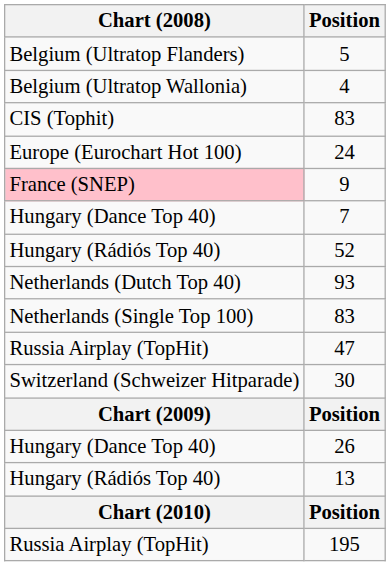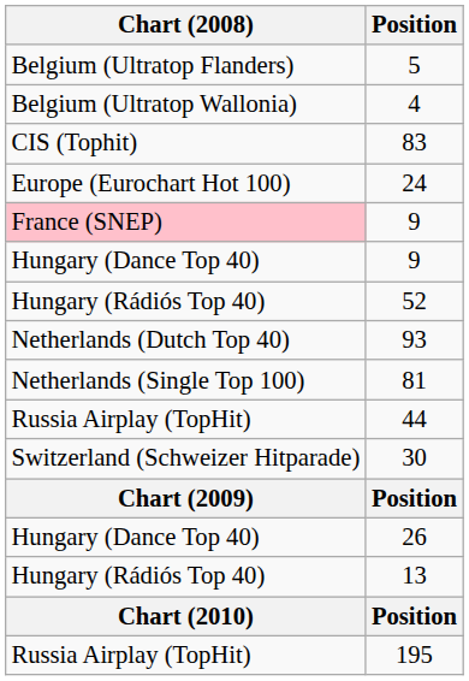 <table class="wikitable sortable">
 <tr>
 <th>Chart (2008)</th>
 <th>Position</th>
 </tr>
 <tr>
 <td>Belgium (Ultratop Flanders)</td>
 <td align="center">5</td>
 </tr>
 <tr>
 <td>Belgium (Ultratop Wallonia)</td>
 <td align="center">4</td>
 </tr>
 <tr>
 <td>CIS (Tophit)</td>
 <td align="center">83</td>
 </tr>
 <tr>
 <td>Europe (Eurochart Hot 100)</td>
 <td align="center">24</td>
 </tr>
 <tr>
 <td style="background: pink;">France (SNEP)</td>
 <td align="center">9</td>
 </tr>
 <tr>
 <td>Hungary (Dance Top 40)</td>
-<td align="center">7</td>
+<td align="center">9</td>
 </tr>
 <tr>
 <td>Hungary (Rádiós Top 40)</td>
 <td align="center">52</td>
 </tr>
 <tr>
 <td>Netherlands (Dutch Top 40)</td>
 <td align="center">93</td>
 </tr>
 <tr>
 <td>Netherlands (Single Top 100)</td>
-<td align="center">83</td>
+<td align="center">81</td>
 </tr>
 <tr>
 <td>Russia Airplay (TopHit)</td>
-<td align="center">47</td>
+<td align="center">44</td>
 </tr>
 <tr>
 <td>Switzerland (Schweizer Hitparade)</td>
 <td align="center">30</td>
 </tr>
 <tr>
 <th>Chart (2009)</th>
 <th>Position</th>
 </tr>
 <tr>
 <td>Hungary (Dance Top 40)</td>
 <td align="center">26</td>
 </tr>
 <tr>
 <td>Hungary (Rádiós Top 40)</td>
 <td align="center">13</td>
 </tr>
 <tr>
 <th>Chart (2010)</th>
 <th>Position</th>
 </tr>
 <tr>
 <td>Russia Airplay (TopHit)</td>
 <td align="center">195</td>
 </tr>
 </table>
